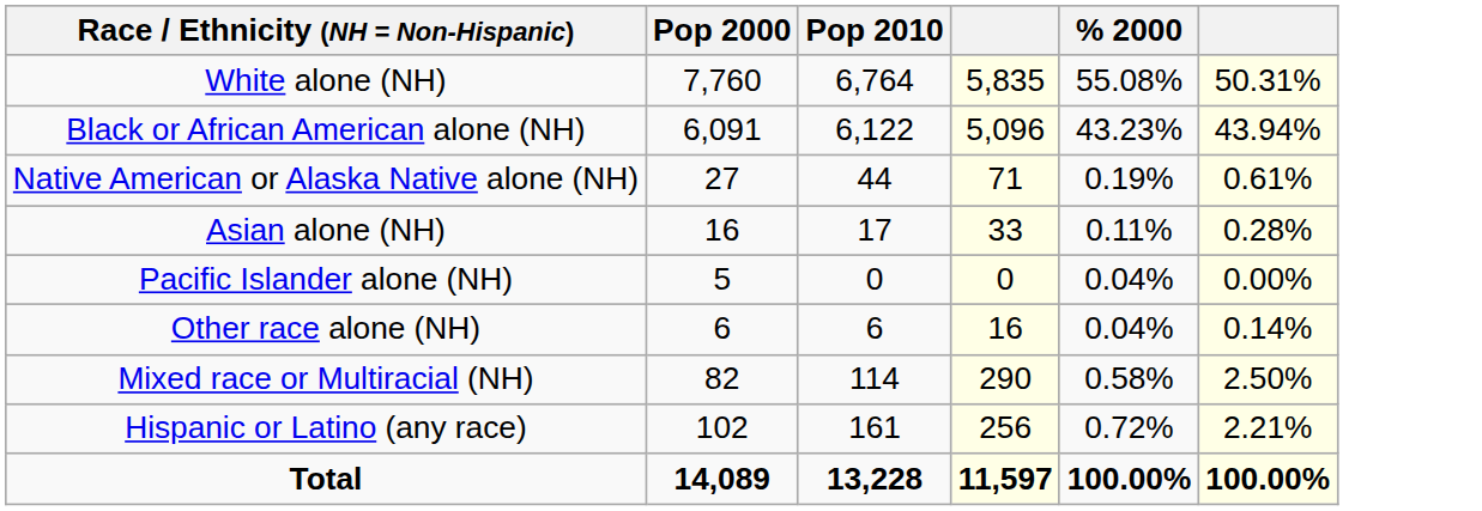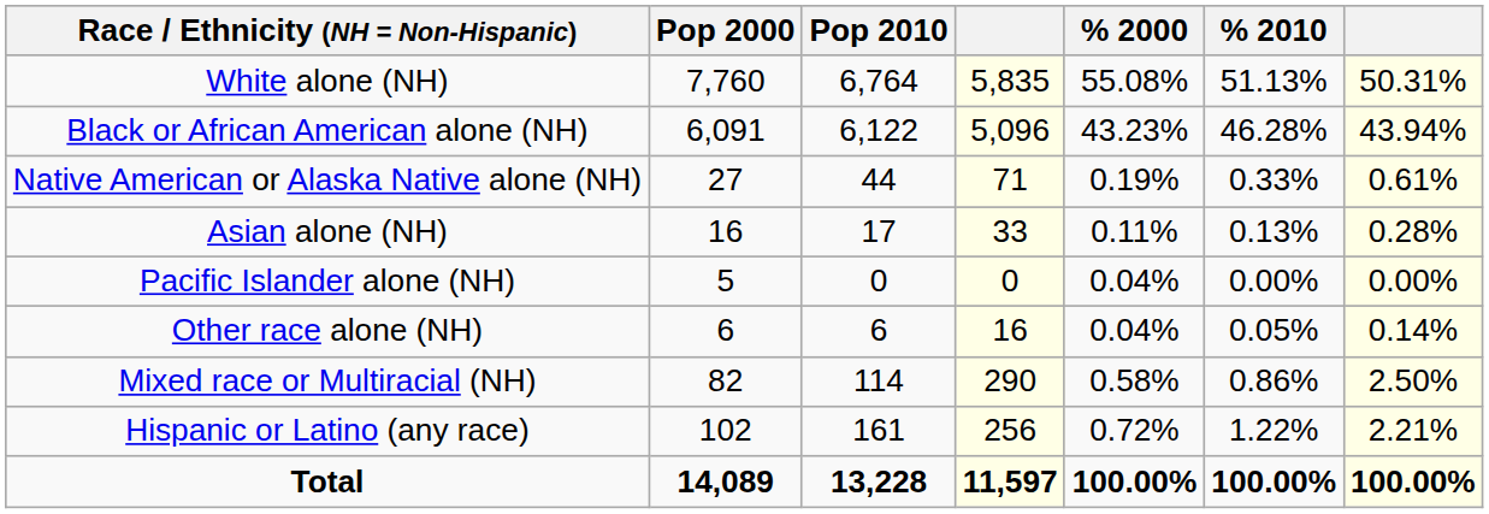 <table class="wikitable" style="text-align:center;">
 <tr>
 <th>Race / Ethnicity <small>(<em>NH = Non-Hispanic</em>)</small></th>
 <th>Pop 2000</th>
 <th>Pop 2010</th>
 <th></th>
 <th>% 2000</th>
+<th>% 2010</th>
 <th></th>
 </tr>
 <tr>
 <td><a href='#'>White</a> alone (NH)</td>
 <td>7,760</td>
 <td>6,764</td>
 <td style='background: #ffffe6;'>5,835</td>
 <td>55.08%</td>
+<td>51.13%</td>
 <td style='background: #ffffe6;'>50.31%</td>
 </tr>
 <tr>
 <td><a href='#'>Black or African American</a> alone (NH)</td>
 <td>6,091</td>
 <td>6,122</td>
 <td style='background: #ffffe6;'>5,096</td>
 <td>43.23%</td>
+<td>46.28%</td>
 <td style='background: #ffffe6;'>43.94%</td>
 </tr>
 <tr>
 <td><a href='#'>Native American</a> or <a href='#'>Alaska Native</a> alone (NH)</td>
 <td>27</td>
 <td>44</td>
 <td style='background: #ffffe6;'>71</td>
 <td>0.19%</td>
+<td>0.33%</td>
 <td style='background: #ffffe6;'>0.61%</td>
 </tr>
 <tr>
 <td><a href='#'>Asian</a> alone (NH)</td>
 <td>16</td>
 <td>17</td>
 <td style='background: #ffffe6;'>33</td>
 <td>0.11%</td>
+<td>0.13%</td>
 <td style='background: #ffffe6;'>0.28%</td>
 </tr>
 <tr>
 <td><a href='#'>Pacific Islander</a> alone (NH)</td>
 <td>5</td>
 <td>0</td>
 <td style='background: #ffffe6;'>0</td>
 <td>0.04%</td>
+<td>0.00%</td>
 <td style='background: #ffffe6;'>0.00%</td>
 </tr>
 <tr>
 <td><a href='#'>Other race</a> alone (NH)</td>
 <td>6</td>
 <td>6</td>
 <td style='background: #ffffe6;'>16</td>
 <td>0.04%</td>
+<td>0.05%</td>
 <td style='background: #ffffe6;'>0.14%</td>
 </tr>
 <tr>
 <td><a href='#'>Mixed race or Multiracial</a> (NH)</td>
 <td>82</td>
 <td>114</td>
 <td style='background: #ffffe6;'>290</td>
 <td>0.58%</td>
+<td>0.86%</td>
 <td style='background: #ffffe6;'>2.50%</td>
 </tr>
 <tr>
 <td><a href='#'>Hispanic or Latino</a> (any race)</td>
 <td>102</td>
 <td>161</td>
 <td style='background: #ffffe6;'>256</td>
 <td>0.72%</td>
+<td>1.22%</td>
 <td style='background: #ffffe6;'>2.21%</td>
 </tr>
 <tr>
 <td><strong>Total</strong></td>
 <td><strong>14,089</strong></td>
 <td><strong>13,228</strong></td>
 <td style='background: #ffffe6;'><strong>11,597</strong></td>
 <td><strong>100.00%</strong></td>
+<td><strong>100.00%</strong></td>
 <td style='background: #ffffe6;'><strong>100.00%</strong></td>
 </tr>
 </table>
